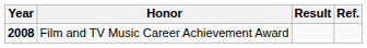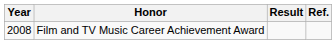 <table class="wikitable">
 <tr>
 <th>Year</th>
 <th>Honor</th>
 <th>Result</th>
 <th>Ref.</th>
 </tr>
 <tr>
-<td><strong>2008</strong></td>
+<td>2008</td>
 <td>Film and TV Music Career Achievement Award</td>
 <td></td>
 <td align="center"></td>
 </tr>
 </table>
